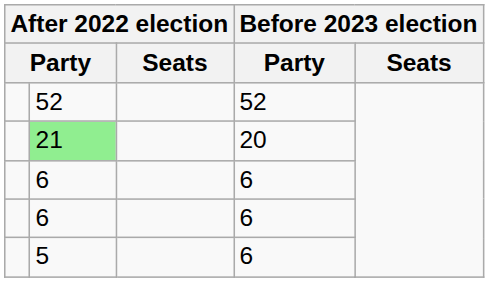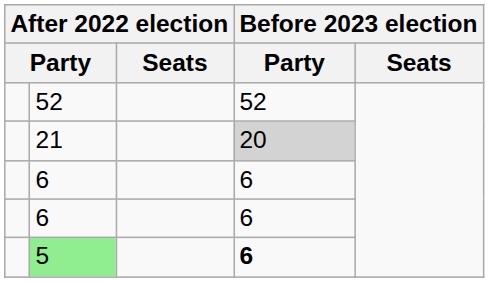 <table class="wikitable">
 <tr>
 <th colspan="3">After 2022 election</th>
 <th colspan="3">Before 2023 election</th>
 </tr>
 <tr>
 <th colspan="2">Party</th>
 <th>Seats</th>
 <th colspan="2">Party</th>
 <th>Seats</th>
 </tr>
 <tr>
 <td></td>
 <td>52</td>
 <td></td>
 <td>52</td>
 </tr>
 <tr>
 <td></td>
-<td style="background: lightgreen;">21</td>
+<td>21</td>
 <td></td>
-<td>20</td>
+<td style="background: lightgrey;">20</td>
 </tr>
 <tr>
 <td></td>
 <td>6</td>
 <td></td>
 <td>6</td>
 </tr>
 <tr>
 <td></td>
 <td>6</td>
 <td></td>
 <td>6</td>
 </tr>
 <tr>
 <td></td>
-<td>5</td>
+<td style="background: lightgreen;">5</td>
 <td></td>
-<td>6</td>
+<td><strong>6</strong></td>
 </tr>
 </table>
